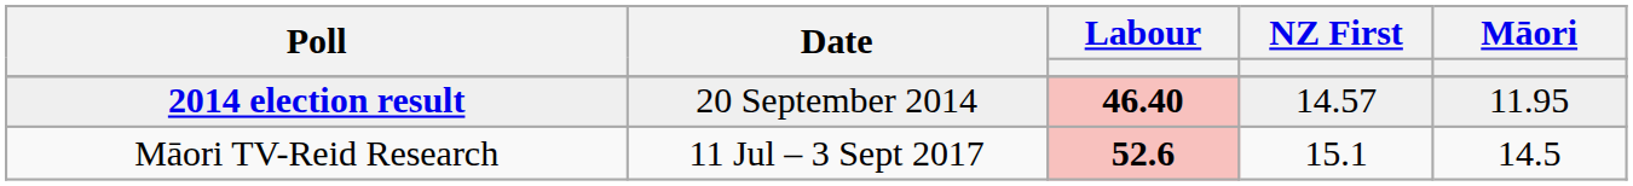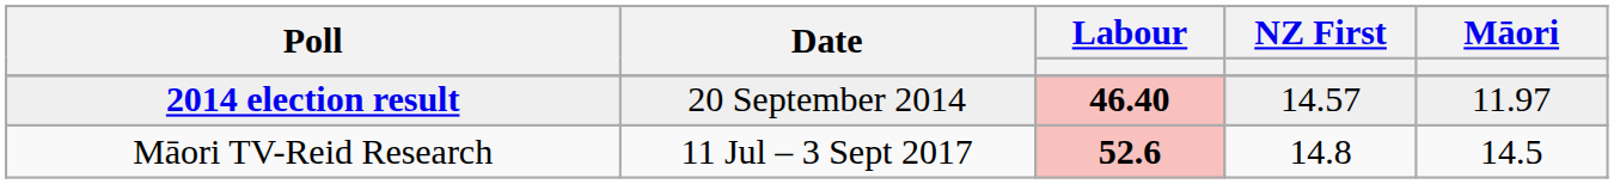 <table class="wikitable" style="font-size:90%; line-height:14px; text-align:center">
 <tr>
 <th style="width:240px;" rowspan="2">Poll</th>
 <th style="width:160px;" rowspan="2">Date </th>
 <th style="width:70px;" r bgcolor=><a href='#'>Labour</a></th>
 <th style="width:70px;" r bgcolor=><a href='#'>NZ First</a></th>
 <th style="width:70px;" r bgcolor=><a href='#'>Māori</a></th>
 </tr>
 <tr>
 <th class="unsortable" style="color:inherit;background:"></th>
 <th class="unsortable" style="color:inherit;background:"></th>
 <th class="unsortable" style="color:inherit;background:"></th>
 </tr>
 <tr>
 </tr>
 <tr style="background:#EFEFEF; font-weight:italic;">
 <td><strong><a href='#'>2014 election result</a></strong></td>
 <td>20 September 2014</td>
 <td style="background:#F8C1BE"><strong>46.40</strong></td>
 <td>14.57</td>
-<td>11.95</td>
+<td>11.97</td>
 </tr>
 <tr>
 <td>Māori TV-Reid Research</td>
 <td>11 Jul – 3 Sept 2017</td>
 <td style="background:#F8C1BE"><strong>52.6</strong></td>
-<td>15.1</td>
+<td>14.8</td>
 <td>14.5</td>
 </tr>
 </table>
